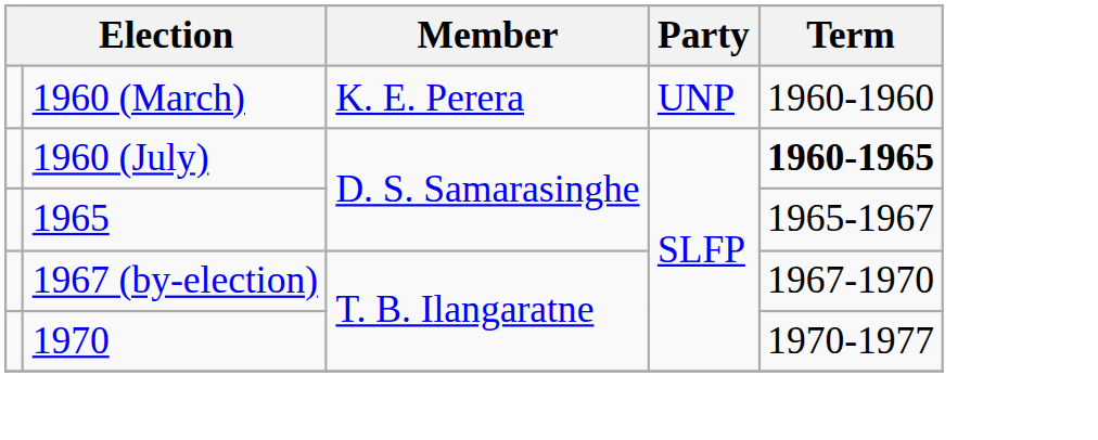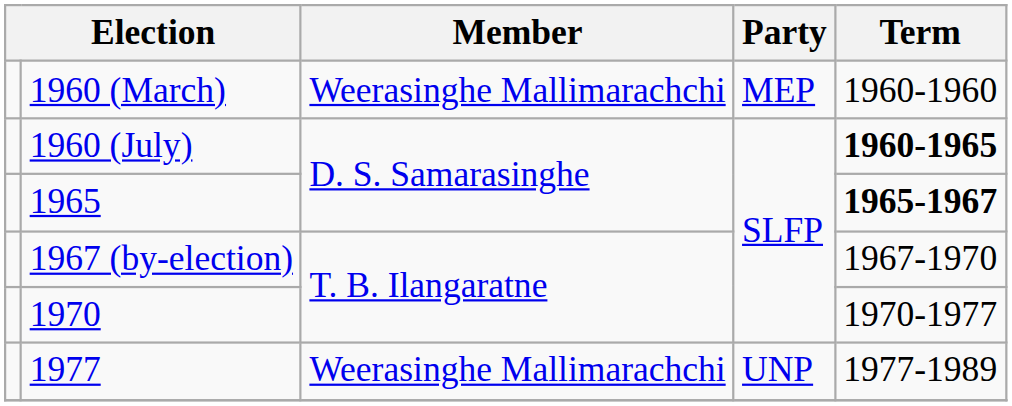 <table class="wikitable">
 <tr>
 <th colspan="2">Election</th>
 <th>Member</th>
 <th>Party</th>
 <th>Term</th>
 </tr>
 <tr>
 <td style="background-color:"></td>
 <td><a href='#'>1960 (March)</a></td>
-<td><a href='#'>K. E. Perera</a></td>
-<td><a href='#'>UNP</a></td>
+<td><a href='#'>Weerasinghe Mallimarachchi</a></td>
+<td><a href='#'>MEP</a></td>
 <td>1960-1960</td>
 </tr>
 <tr>
 <td style="background-color: "></td>
 <td><a href='#'>1960 (July)</a></td>
 <td rowspan=2><a href='#'>D. S. Samarasinghe</a></td>
 <td rowspan=4><a href='#'>SLFP</a></td>
 <td><strong>1960-1965</strong></td>
 </tr>
 <tr>
 <td style="background-color: "></td>
 <td><a href='#'>1965</a></td>
-<td>1965-1967</td>
+<td><strong>1965-1967</strong></td>
 </tr>
 <tr>
 <td style="background-color: "></td>
 <td><a href='#'>1967 (by-election)</a></td>
 <td rowspan=2><a href='#'>T. B. Ilangaratne</a></td>
 <td>1967-1970</td>
 </tr>
 <tr>
 <td style="background-color:"></td>
 <td><a href='#'>1970</a></td>
 <td>1970-1977</td>
 </tr>
 <tr>
+<td style="background-color: "></td>
+<td><a href='#'>1977</a></td>
+<td><a href='#'>Weerasinghe Mallimarachchi</a></td>
+<td><a href='#'>UNP</a></td>
+<td>1977-1989</td>
+</tr>
+<tr>
 </tr>
 </table>
